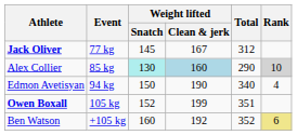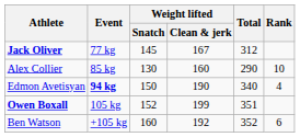 <table class="wikitable" style="font-size:90%">
 <tr>
 <th rowspan="2">Athlete</th>
 <th rowspan="2">Event</th>
 <th colspan="2">Weight lifted</th>
 <th rowspan="2">Total</th>
 <th rowspan="2">Rank</th>
 </tr>
 <tr>
 <th>Snatch</th>
 <th>Clean & jerk</th>
 </tr>
 <tr align=center>
 <td align=left><strong><a href='#'>Jack Oliver</a></strong></td>
 <td align=left><a href='#'>77 kg</a></td>
 <td>145</td>
 <td>167</td>
 <td>312</td>
 <td></td>
 </tr>
 <tr align=center>
 <td align=left><a href='#'>Alex Collier</a></td>
 <td align=left><a href='#'>85 kg</a></td>
-<td style="background: paleturquoise;">130</td>
-<td style="background: lightblue;">160</td>
+<td>130</td>
+<td>160</td>
 <td>290</td>
-<td style="background: lightgrey;">10</td>
+<td>10</td>
 </tr>
 <tr align=center>
 <td align=left><a href='#'>Edmon Avetisyan</a></td>
-<td align=left><a href='#'>94 kg</a></td>
+<td align=left><strong><a href='#'>94 kg</a></strong></td>
 <td>150</td>
 <td>190</td>
 <td>340</td>
 <td>4</td>
 </tr>
 <tr align=center>
 <td align=left><strong><a href='#'>Owen Boxall</a></strong></td>
 <td align=left><a href='#'>105 kg</a></td>
 <td>152</td>
 <td>199</td>
 <td>351</td>
 <td></td>
 </tr>
 <tr align=center>
 <td align=left><a href='#'>Ben Watson</a></td>
 <td align=left><a href='#'>+105 kg</a></td>
 <td>160</td>
 <td>192</td>
 <td>352</td>
-<td style="background: khaki;">6</td>
+<td>6</td>
 </tr>
 </table>
